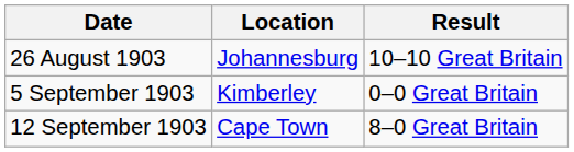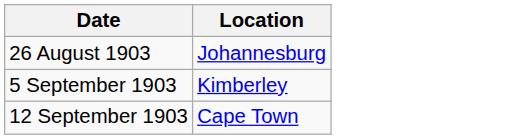 <table class="wikitable" style="align:center;">
 <tr>
 <th>Date</th>
 <th>Location</th>
-<th>Result</th>
 </tr>
 <tr>
 <td>26 August 1903</td>
 <td><a href='#'>Johannesburg</a></td>
-<td> 10–10 <a href='#'>Great Britain</a> </td>
 </tr>
 <tr>
 <td>5 September 1903</td>
 <td><a href='#'>Kimberley</a></td>
-<td> 0–0 <a href='#'>Great Britain</a> </td>
 </tr>
 <tr>
 <td>12 September 1903</td>
 <td><a href='#'>Cape Town</a></td>
-<td> 8–0 <a href='#'>Great Britain</a> </td>
 </tr>
 </table>
